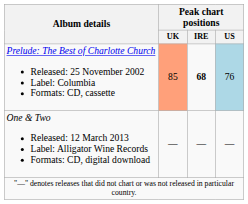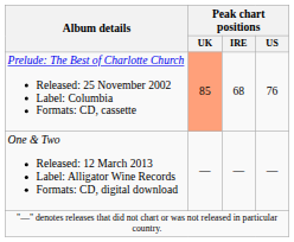 <table class="wikitable" style="text-align:center;">
 <tr>
 <th rowspan="2" style="width:250px;">Album details</th>
 <th colspan="3">Peak chart positions</th>
 </tr>
 <tr>
 <th style="width:3em;font-size:85%">UK<br></th>
 <th style="width:3em;font-size:85%">IRE<br></th>
 <th style="width:3em;font-size:85%">US<br></th>
 </tr>
 <tr>
 <td align="left"><em><a href='#'>Prelude: The Best of Charlotte Church</a></em><br><ul><li>Released: 25 November 2002</li><li>Label: Columbia</li><li>Formats: CD, cassette</li></ul></td>
 <td style="background: lightsalmon;">85</td>
-<td><strong>68</strong></td>
-<td style="background: lightblue;">76</td>
+<td>68</td>
+<td>76</td>
 </tr>
 <tr>
 <td align="left"><em>One & Two</em><br><ul><li>Released: 12 March 2013</li><li>Label: Alligator Wine Records</li><li>Formats: CD, digital download</li></ul></td>
 <td>—</td>
 <td>—</td>
 <td>—</td>
 </tr>
 <tr>
 <td colspan="5" style="font-size:80%">"—" denotes releases that did not chart or was not released in particular country.</td>
 </tr>
 </table>
